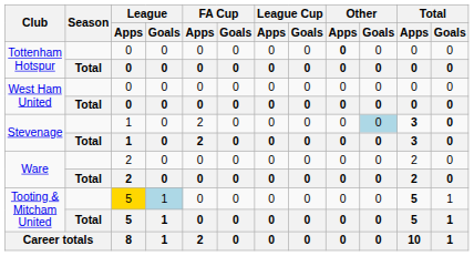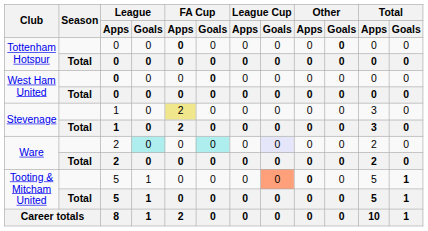 <table class="wikitable" style="text-align: center;">
 <tr>
 <th rowspan="2">Club</th>
 <th rowspan="2">Season</th>
 <th colspan="2">League</th>
 <th colspan="2">FA Cup</th>
 <th colspan="2">League Cup</th>
 <th colspan="2">Other</th>
 <th colspan="2">Total</th>
 </tr>
 <tr>
 <th>Apps</th>
 <th>Goals</th>
 <th>Apps</th>
 <th>Goals</th>
 <th>Apps</th>
 <th>Goals</th>
 <th>Apps</th>
 <th>Goals</th>
 <th>Apps</th>
 <th>Goals</th>
 </tr>
 <tr>
 <td rowspan="2"><a href='#'>Tottenham Hotspur</a></td>
 <td></td>
 <td>0</td>
 <td>0</td>
+<td><strong>0</strong></td>
 <td>0</td>
 <td>0</td>
 <td>0</td>
 <td>0</td>
 <td><strong>0</strong></td>
-<td>0</td>
 <td>0</td>
 <td>0</td>
 </tr>
 <tr>
 <th>Total</th>
 <th>0</th>
 <th>0</th>
 <th>0</th>
 <th>0</th>
 <th>0</th>
 <th>0</th>
 <th>0</th>
 <th>0</th>
 <th>0</th>
 <th>0</th>
 </tr>
 <tr>
 <td rowspan="2"><a href='#'>West Ham United</a></td>
 <td></td>
+<td><strong>0</strong></td>
 <td>0</td>
 <td>0</td>
-<td>0</td>
-<td>0</td>
+<td><strong>0</strong></td>
 <td>0</td>
 <td>0</td>
 <td>0</td>
 <td>0</td>
 <td>0</td>
 <td>0</td>
 </tr>
 <tr>
 <th>Total</th>
 <th>0</th>
 <th>0</th>
 <th>0</th>
 <th>0</th>
 <th>0</th>
 <th>0</th>
 <th>0</th>
 <th>0</th>
 <th>0</th>
 <th>0</th>
 </tr>
 <tr>
 <td rowspan="2"><a href='#'>Stevenage</a></td>
 <td></td>
 <td>1</td>
 <td>0</td>
-<td>2</td>
+<td style="background: khaki;">2</td>
 <td>0</td>
 <td>0</td>
 <td>0</td>
 <td>0</td>
-<td style="background: lightblue;">0</td>
-<td><strong>3</strong></td>
-<td><strong>0</strong></td>
+<td>0</td>
+<td>3</td>
+<td>0</td>
 </tr>
 <tr>
 <th>Total</th>
 <th>1</th>
 <th>0</th>
 <th>2</th>
 <th>0</th>
 <th>0</th>
 <th>0</th>
 <th>0</th>
 <th>0</th>
 <th>3</th>
 <th>0</th>
 </tr>
 <tr>
 <td rowspan="2"><a href='#'>Ware</a></td>
 <td></td>
 <td>2</td>
+<td style="background: paleturquoise;">0</td>
 <td>0</td>
+<td style="background: paleturquoise;">0</td>
 <td>0</td>
-<td>0</td>
-<td>0</td>
-<td>0</td>
+<td style="background: lavender;">0</td>
 <td>0</td>
 <td>0</td>
 <td>2</td>
 <td>0</td>
 </tr>
 <tr>
 <th>Total</th>
 <th>2</th>
 <th>0</th>
 <th>0</th>
 <th>0</th>
 <th>0</th>
 <th>0</th>
 <th>0</th>
 <th>0</th>
 <th>2</th>
 <th>0</th>
 </tr>
 <tr>
 <td rowspan="2"><a href='#'>Tooting & Mitcham United</a></td>
 <td></td>
-<td style="background: gold;">5</td>
-<td style="background: lightblue;">1</td>
+<td>5</td>
+<td>1</td>
 <td>0</td>
 <td>0</td>
 <td>0</td>
+<td style="background: lightsalmon;">0</td>
+<td><strong>0</strong></td>
 <td>0</td>
-<td>0</td>
-<td>0</td>
-<td><strong>5</strong></td>
-<td>1</td>
+<td>5</td>
+<td><strong>1</strong></td>
 </tr>
 <tr>
 <th>Total</th>
 <th>5</th>
 <th>1</th>
 <th>0</th>
 <th>0</th>
 <th>0</th>
 <th>0</th>
 <th>0</th>
 <th>0</th>
 <th>5</th>
 <th>1</th>
 </tr>
 <tr>
 <th colspan="2">Career totals</th>
 <th>8</th>
 <th>1</th>
 <th>2</th>
 <th>0</th>
 <th>0</th>
 <th>0</th>
 <th>0</th>
 <th>0</th>
 <th>10</th>
 <th>1</th>
 </tr>
 </table>
